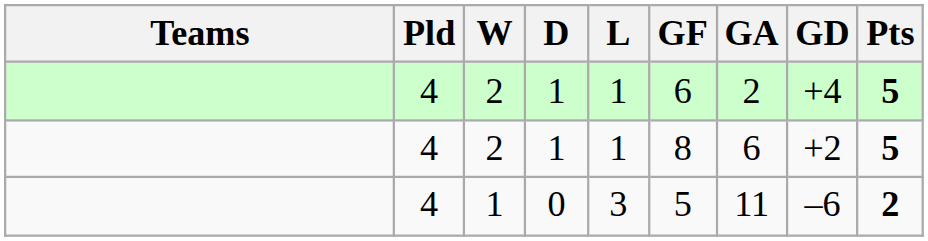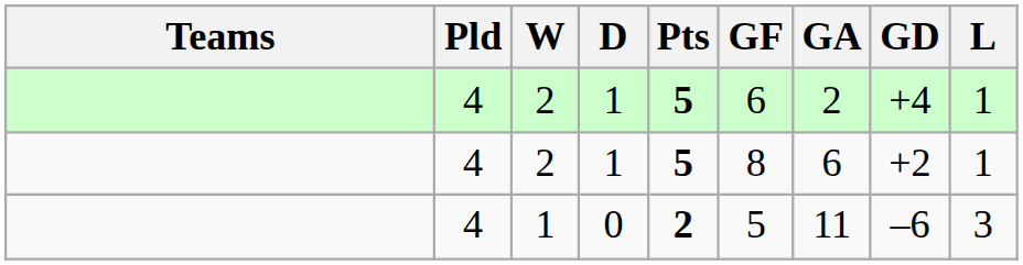 <table class="wikitable" style="text-align: center;">
 <tr>
 <th width=165>Teams</th>
 <th width=20>Pld</th>
 <th width=20>W</th>
 <th width=20>D</th>
-<th width=20>L</th>
+<th width=20>Pts</th>
 <th width=20>GF</th>
 <th width=20>GA</th>
 <th width=20>GD</th>
-<th width=20>Pts</th>
+<th width=20>L</th>
 </tr>
 <tr align=center style="background:#ccffcc;">
 <td style="text-align:left;"></td>
 <td>4</td>
 <td>2</td>
 <td>1</td>
-<td>1</td>
+<td><strong>5</strong></td>
 <td>6</td>
 <td>2</td>
 <td>+4</td>
-<td><strong>5</strong></td>
+<td>1</td>
 </tr>
 <tr align=center>
 <td style="text-align:left;"></td>
 <td>4</td>
 <td>2</td>
 <td>1</td>
-<td>1</td>
+<td><strong>5</strong></td>
 <td>8</td>
 <td>6</td>
 <td>+2</td>
-<td><strong>5</strong></td>
+<td>1</td>
 </tr>
 <tr align=center>
 <td style="text-align:left;"></td>
 <td>4</td>
 <td>1</td>
 <td>0</td>
-<td>3</td>
+<td><strong>2</strong></td>
 <td>5</td>
 <td>11</td>
 <td>–6</td>
-<td><strong>2</strong></td>
+<td>3</td>
 </tr>
 </table>
